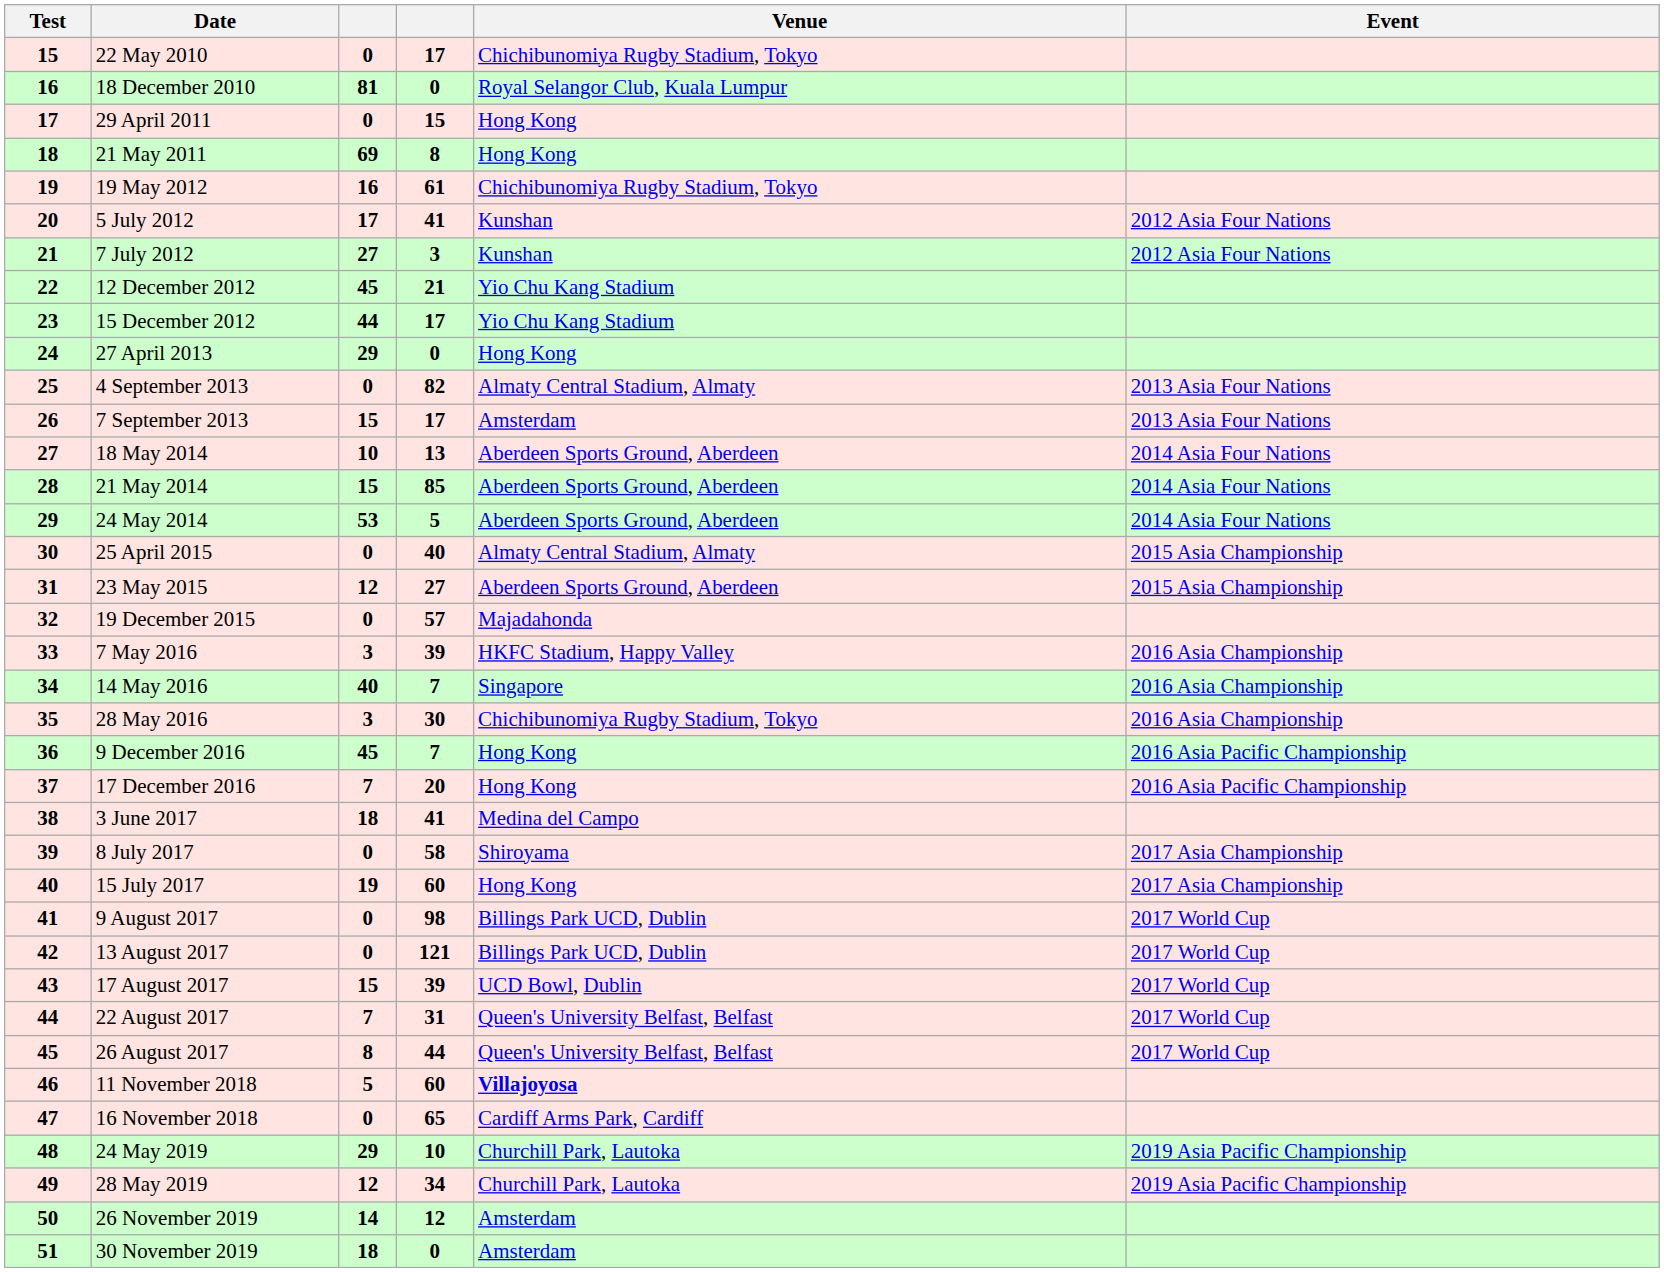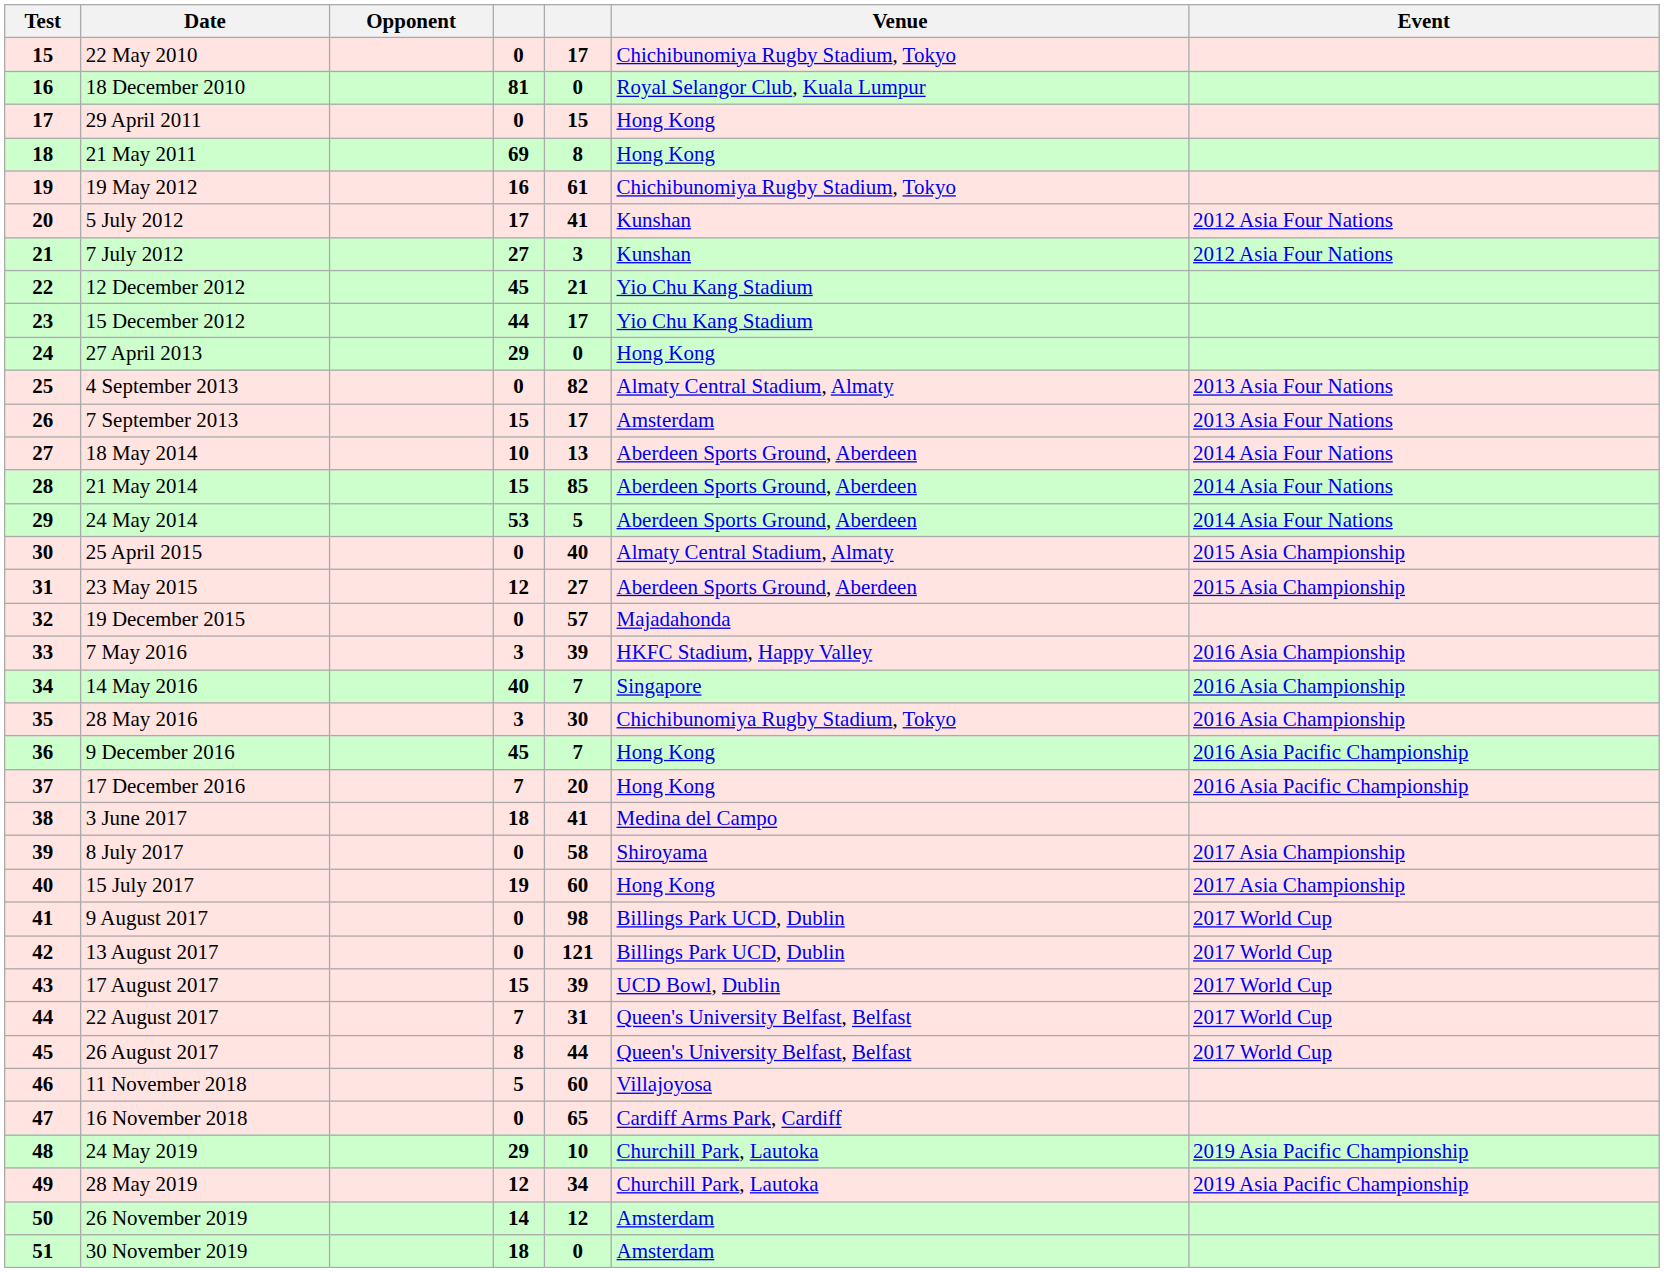 <table class="wikitable sortable" style="width:100%">
 <tr>
 <th>Test</th>
 <th style="width:15%">Date</th>
+<th>Opponent</th>
 <th></th>
 <th></th>
 <th>Venue</th>
 <th>Event</th>
 </tr>
 <tr bgcolor="FFE4E1">
 <td align="center"><strong>15</strong></td>
 <td>22 May 2010</td>
+<td></td>
 <td align="center"><strong>0</strong></td>
 <td align="center"><strong>17</strong></td>
 <td><a href='#'>Chichibunomiya Rugby Stadium</a>, <a href='#'>Tokyo</a></td>
 <td></td>
 </tr>
 <tr bgcolor="CCFFCC">
 <td align="center"><strong>16</strong></td>
 <td>18 December 2010</td>
+<td></td>
 <td align="center"><strong>81</strong></td>
 <td align="center"><strong>0</strong></td>
 <td><a href='#'>Royal Selangor Club</a>, <a href='#'>Kuala Lumpur</a></td>
 <td></td>
 </tr>
 <tr bgcolor="FFE4E1">
 <td align="center"><strong>17</strong></td>
 <td>29 April 2011</td>
+<td></td>
 <td align="center"><strong>0</strong></td>
 <td align="center"><strong>15</strong></td>
 <td><a href='#'>Hong Kong</a></td>
 <td></td>
 </tr>
 <tr bgcolor="CCFFCC">
 <td align="center"><strong>18</strong></td>
 <td>21 May 2011</td>
+<td></td>
 <td align="center"><strong>69</strong></td>
 <td align="center"><strong>8</strong></td>
 <td><a href='#'>Hong Kong</a></td>
 <td></td>
 </tr>
 <tr bgcolor="FFE4E1">
 <td align="center"><strong>19</strong></td>
 <td>19 May 2012</td>
+<td></td>
 <td align="center"><strong>16</strong></td>
 <td align="center"><strong>61</strong></td>
 <td><a href='#'>Chichibunomiya Rugby Stadium</a>, <a href='#'>Tokyo</a></td>
 <td></td>
 </tr>
 <tr bgcolor="FFE4E1">
 <td align="center"><strong>20</strong></td>
 <td>5 July 2012</td>
+<td></td>
 <td align="center"><strong>17</strong></td>
 <td align="center"><strong>41</strong></td>
 <td><a href='#'>Kunshan</a></td>
 <td><a href='#'>2012 Asia Four Nations</a></td>
 </tr>
 <tr bgcolor="CCFFCC">
 <td align="center"><strong>21</strong></td>
 <td>7 July 2012</td>
+<td></td>
 <td align="center"><strong>27</strong></td>
 <td align="center"><strong>3</strong></td>
 <td><a href='#'>Kunshan</a></td>
 <td><a href='#'>2012 Asia Four Nations</a></td>
 </tr>
 <tr bgcolor="CCFFCC">
 <td align="center"><strong>22</strong></td>
 <td>12 December 2012</td>
+<td></td>
 <td align="center"><strong>45</strong></td>
 <td align="center"><strong>21</strong></td>
 <td><a href='#'>Yio Chu Kang Stadium</a></td>
 <td></td>
 </tr>
 <tr bgcolor="CCFFCC">
 <td align="center"><strong>23</strong></td>
 <td>15 December 2012</td>
+<td></td>
 <td align="center"><strong>44</strong></td>
 <td align="center"><strong>17</strong></td>
 <td><a href='#'>Yio Chu Kang Stadium</a></td>
 <td></td>
 </tr>
 <tr bgcolor="CCFFCC">
 <td align="center"><strong>24</strong></td>
 <td>27 April 2013</td>
+<td></td>
 <td align="center"><strong>29</strong></td>
 <td align="center"><strong>0</strong></td>
 <td><a href='#'>Hong Kong</a></td>
 <td></td>
 </tr>
 <tr bgcolor="FFE4E1">
 <td align="center"><strong>25</strong></td>
 <td>4 September 2013</td>
+<td></td>
 <td align="center"><strong>0</strong></td>
 <td align="center"><strong>82</strong></td>
 <td><a href='#'>Almaty Central Stadium</a>, <a href='#'>Almaty</a></td>
 <td><a href='#'>2013 Asia Four Nations</a></td>
 </tr>
 <tr bgcolor="FFE4E1">
 <td align="center"><strong>26</strong></td>
 <td>7 September 2013</td>
+<td></td>
 <td align="center"><strong>15</strong></td>
 <td align="center"><strong>17</strong></td>
 <td><a href='#'>Amsterdam</a></td>
 <td><a href='#'>2013 Asia Four Nations</a></td>
 </tr>
 <tr bgcolor="FFE4E1">
 <td align="center"><strong>27</strong></td>
 <td>18 May 2014</td>
+<td></td>
 <td align="center"><strong>10</strong></td>
 <td align="center"><strong>13</strong></td>
 <td><a href='#'>Aberdeen Sports Ground</a>, <a href='#'>Aberdeen</a></td>
 <td><a href='#'>2014 Asia Four Nations</a></td>
 </tr>
 <tr bgcolor="CCFFCC">
 <td align="center"><strong>28</strong></td>
 <td>21 May 2014</td>
+<td></td>
 <td align="center"><strong>15</strong></td>
 <td align="center"><strong>85</strong></td>
 <td><a href='#'>Aberdeen Sports Ground</a>, <a href='#'>Aberdeen</a></td>
 <td><a href='#'>2014 Asia Four Nations</a></td>
 </tr>
 <tr bgcolor="CCFFCC">
 <td align="center"><strong>29</strong></td>
 <td>24 May 2014</td>
+<td></td>
 <td align="center"><strong>53</strong></td>
 <td align="center"><strong>5</strong></td>
 <td><a href='#'>Aberdeen Sports Ground</a>, <a href='#'>Aberdeen</a></td>
 <td><a href='#'>2014 Asia Four Nations</a></td>
 </tr>
 <tr bgcolor="FFE4E1">
 <td align="center"><strong>30</strong></td>
 <td>25 April 2015</td>
+<td></td>
 <td align="center"><strong>0</strong></td>
 <td align="center"><strong>40</strong></td>
 <td><a href='#'>Almaty Central Stadium</a>, <a href='#'>Almaty</a></td>
 <td><a href='#'>2015 Asia Championship</a></td>
 </tr>
 <tr bgcolor="FFE4E1">
 <td align="center"><strong>31</strong></td>
 <td>23 May 2015</td>
+<td></td>
 <td align="center"><strong>12</strong></td>
 <td align="center"><strong>27</strong></td>
 <td><a href='#'>Aberdeen Sports Ground</a>, <a href='#'>Aberdeen</a></td>
 <td><a href='#'>2015 Asia Championship</a></td>
 </tr>
 <tr bgcolor="FFE4E1">
 <td align="center"><strong>32</strong></td>
 <td>19 December 2015</td>
+<td></td>
 <td align="center"><strong>0</strong></td>
 <td align="center"><strong>57</strong></td>
 <td><a href='#'>Majadahonda</a></td>
 <td></td>
 </tr>
 <tr bgcolor="FFE4E1">
 <td align="center"><strong>33</strong></td>
 <td>7 May 2016</td>
+<td></td>
 <td align="center"><strong>3</strong></td>
 <td align="center"><strong>39</strong></td>
 <td><a href='#'>HKFC Stadium</a>, <a href='#'>Happy Valley</a></td>
 <td><a href='#'>2016 Asia Championship</a></td>
 </tr>
 <tr bgcolor="CCFFCC">
 <td align="center"><strong>34</strong></td>
 <td>14 May 2016</td>
+<td></td>
 <td align="center"><strong>40</strong></td>
 <td align="center"><strong>7</strong></td>
 <td><a href='#'>Singapore</a></td>
 <td><a href='#'>2016 Asia Championship</a></td>
 </tr>
 <tr bgcolor="FFE4E1">
 <td align="center"><strong>35</strong></td>
 <td>28 May 2016</td>
+<td></td>
 <td align="center"><strong>3</strong></td>
 <td align="center"><strong>30</strong></td>
 <td><a href='#'>Chichibunomiya Rugby Stadium</a>, <a href='#'>Tokyo</a></td>
 <td><a href='#'>2016 Asia Championship</a></td>
 </tr>
 <tr bgcolor="CCFFCC">
 <td align="center"><strong>36</strong></td>
 <td>9 December 2016</td>
+<td></td>
 <td align="center"><strong>45</strong></td>
 <td align="center"><strong>7</strong></td>
 <td><a href='#'>Hong Kong</a></td>
 <td><a href='#'>2016 Asia Pacific Championship</a></td>
 </tr>
 <tr bgcolor="FFE4E1">
 <td align="center"><strong>37</strong></td>
 <td>17 December 2016</td>
+<td></td>
 <td align="center"><strong>7</strong></td>
 <td align="center"><strong>20</strong></td>
 <td><a href='#'>Hong Kong</a></td>
 <td><a href='#'>2016 Asia Pacific Championship</a></td>
 </tr>
 <tr bgcolor="FFE4E1">
 <td align="center"><strong>38</strong></td>
 <td>3 June 2017</td>
+<td></td>
 <td align="center"><strong>18</strong></td>
 <td align="center"><strong>41</strong></td>
 <td><a href='#'>Medina del Campo</a></td>
 <td></td>
 </tr>
 <tr bgcolor="FFE4E1">
 <td align="center"><strong>39</strong></td>
 <td>8 July 2017</td>
+<td></td>
 <td align="center"><strong>0</strong></td>
 <td align="center"><strong>58</strong></td>
 <td><a href='#'>Shiroyama</a></td>
 <td><a href='#'>2017 Asia Championship</a></td>
 </tr>
 <tr bgcolor="FFE4E1">
 <td align="center"><strong>40</strong></td>
 <td>15 July 2017</td>
+<td></td>
 <td align="center"><strong>19</strong></td>
 <td align="center"><strong>60</strong></td>
 <td><a href='#'>Hong Kong</a></td>
 <td><a href='#'>2017 Asia Championship</a></td>
 </tr>
 <tr bgcolor="FFE4E1">
 <td align="center"><strong>41</strong></td>
 <td>9 August 2017</td>
+<td></td>
 <td align="center"><strong>0</strong></td>
 <td align="center"><strong>98</strong></td>
 <td><a href='#'>Billings Park UCD</a>, <a href='#'>Dublin</a></td>
 <td><a href='#'>2017 World Cup</a></td>
 </tr>
 <tr bgcolor="FFE4E1">
 <td align="center"><strong>42</strong></td>
 <td>13 August 2017</td>
+<td></td>
 <td align="center"><strong>0</strong></td>
 <td align="center"><strong>121</strong></td>
 <td><a href='#'>Billings Park UCD</a>, <a href='#'>Dublin</a></td>
 <td><a href='#'>2017 World Cup</a></td>
 </tr>
 <tr bgcolor="FFE4E1">
 <td align="center"><strong>43</strong></td>
 <td>17 August 2017</td>
+<td></td>
 <td align="center"><strong>15</strong></td>
 <td align="center"><strong>39</strong></td>
 <td><a href='#'>UCD Bowl</a>, <a href='#'>Dublin</a></td>
 <td><a href='#'>2017 World Cup</a></td>
 </tr>
 <tr bgcolor="FFE4E1">
 <td align="center"><strong>44</strong></td>
 <td>22 August 2017</td>
+<td></td>
 <td align="center"><strong>7</strong></td>
 <td align="center"><strong>31</strong></td>
 <td><a href='#'>Queen's University Belfast</a>, <a href='#'>Belfast</a></td>
 <td><a href='#'>2017 World Cup</a></td>
 </tr>
 <tr bgcolor="FFE4E1">
 <td align="center"><strong>45</strong></td>
 <td>26 August 2017</td>
+<td></td>
 <td align="center"><strong>8</strong></td>
 <td align="center"><strong>44</strong></td>
 <td><a href='#'>Queen's University Belfast</a>, <a href='#'>Belfast</a></td>
 <td><a href='#'>2017 World Cup</a></td>
 </tr>
 <tr bgcolor="FFE4E1">
 <td align="center"><strong>46</strong></td>
 <td>11 November 2018</td>
+<td></td>
 <td align="center"><strong>5</strong></td>
 <td align="center"><strong>60</strong></td>
-<td><strong><a href='#'>Villajoyosa</a></strong></td>
+<td><a href='#'>Villajoyosa</a></td>
 <td></td>
 </tr>
 <tr bgcolor="FFE4E1">
 <td align="center"><strong>47</strong></td>
 <td>16 November 2018</td>
+<td></td>
 <td align="center"><strong>0</strong></td>
 <td align="center"><strong>65</strong></td>
 <td><a href='#'>Cardiff Arms Park</a>, <a href='#'>Cardiff</a></td>
 <td></td>
 </tr>
 <tr bgcolor="CCFFCC">
 <td align="center"><strong>48</strong></td>
 <td>24 May 2019</td>
+<td></td>
 <td align="center"><strong>29</strong></td>
 <td align="center"><strong>10</strong></td>
 <td><a href='#'>Churchill Park</a>, <a href='#'>Lautoka</a></td>
 <td><a href='#'>2019 Asia Pacific Championship</a></td>
 </tr>
 <tr bgcolor="FFE4E1">
 <td align="center"><strong>49</strong></td>
 <td>28 May 2019</td>
+<td></td>
 <td align="center"><strong>12</strong></td>
 <td align="center"><strong>34</strong></td>
 <td><a href='#'>Churchill Park</a>, <a href='#'>Lautoka</a></td>
 <td><a href='#'>2019 Asia Pacific Championship</a></td>
 </tr>
 <tr bgcolor="CCFFCC">
 <td align="center"><strong>50</strong></td>
 <td>26 November 2019</td>
+<td></td>
 <td align="center"><strong>14</strong></td>
 <td align="center"><strong>12</strong></td>
 <td><a href='#'>Amsterdam</a></td>
 <td></td>
 </tr>
 <tr bgcolor="CCFFCC">
 <td align="center"><strong>51</strong></td>
 <td>30 November 2019</td>
+<td></td>
 <td align="center"><strong>18</strong></td>
 <td align="center"><strong>0</strong></td>
 <td><a href='#'>Amsterdam</a></td>
 <td></td>
 </tr>
 </table>
